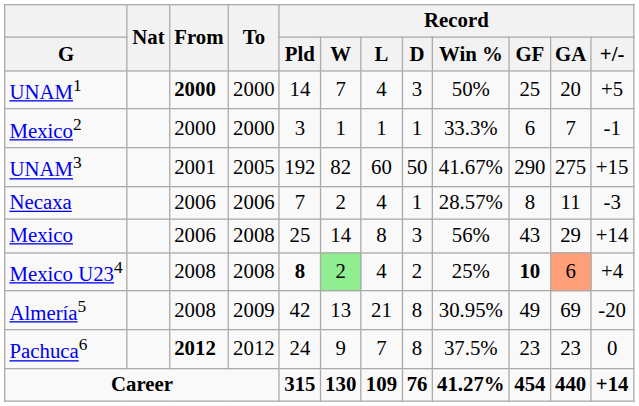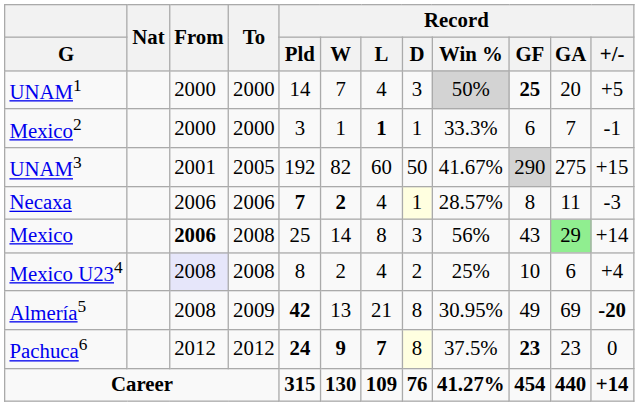 <table class="wikitable" style="text-align: center">
 <tr>
 <th></th>
 <th rowspan=2>Nat</th>
 <th rowspan=2>From</th>
 <th rowspan=2>To</th>
 <th colspan=8>Record</th>
 </tr>
 <tr>
 <th>G</th>
 <th>Pld</th>
 <th>W</th>
 <th>L</th>
 <th>D</th>
 <th>Win %</th>
 <th>GF</th>
 <th>GA</th>
 <th>+/-</th>
 </tr>
 <tr>
 <td align=left><a href='#'>UNAM</a><sup>1</sup></td>
 <td></td>
-<td align=left><strong>2000</strong></td>
+<td align=left>2000</td>
 <td align=left>2000</td>
 <td>14</td>
 <td>7</td>
 <td>4</td>
 <td>3</td>
-<td>50%</td>
-<td>25</td>
+<td style="background: lightgrey;">50%</td>
+<td><strong>25</strong></td>
 <td>20</td>
 <td>+5</td>
 </tr>
 <tr>
 <td align=left><a href='#'>Mexico</a><sup>2</sup></td>
 <td></td>
 <td align=left>2000</td>
 <td align=left>2000</td>
 <td>3</td>
 <td>1</td>
-<td>1</td>
+<td><strong>1</strong></td>
 <td>1</td>
 <td>33.3%</td>
 <td>6</td>
 <td>7</td>
 <td>-1</td>
 </tr>
 <tr>
 <td align=left><a href='#'>UNAM</a><sup>3</sup></td>
 <td></td>
 <td align=left>2001</td>
 <td align=left>2005</td>
 <td>192</td>
 <td>82</td>
 <td>60</td>
 <td>50</td>
 <td>41.67%</td>
-<td>290</td>
+<td style="background: lightgrey;">290</td>
 <td>275</td>
 <td>+15</td>
 </tr>
 <tr>
 <td align=left><a href='#'>Necaxa</a></td>
 <td></td>
 <td align=left>2006</td>
 <td align=left>2006</td>
-<td>7</td>
-<td>2</td>
+<td><strong>7</strong></td>
+<td><strong>2</strong></td>
 <td>4</td>
-<td>1</td>
+<td style="background: lightyellow;">1</td>
 <td>28.57%</td>
 <td>8</td>
 <td>11</td>
 <td>-3</td>
 </tr>
 <tr>
 <td align=left><a href='#'>Mexico</a></td>
 <td></td>
-<td align=left>2006</td>
+<td align=left><strong>2006</strong></td>
 <td align=left>2008</td>
 <td>25</td>
 <td>14</td>
 <td>8</td>
 <td>3</td>
 <td>56%</td>
 <td>43</td>
-<td>29</td>
+<td style="background: lightgreen;">29</td>
 <td>+14</td>
 </tr>
 <tr>
 <td align=left><a href='#'>Mexico U23</a><sup>4</sup></td>
 <td></td>
+<td align=left style="background: lavender;">2008</td>
 <td align=left>2008</td>
-<td align=left>2008</td>
-<td><strong>8</strong></td>
-<td style="background: lightgreen;">2</td>
+<td>8</td>
+<td>2</td>
 <td>4</td>
 <td>2</td>
 <td>25%</td>
-<td><strong>10</strong></td>
-<td style="background: lightsalmon;">6</td>
+<td>10</td>
+<td>6</td>
 <td>+4</td>
 </tr>
 <tr>
 <td align=left><a href='#'>Almería</a><sup>5</sup></td>
 <td></td>
 <td align=left>2008</td>
 <td align=left>2009</td>
-<td>42</td>
+<td><strong>42</strong></td>
 <td>13</td>
 <td>21</td>
 <td>8</td>
 <td>30.95%</td>
 <td>49</td>
 <td>69</td>
-<td>-20</td>
+<td><strong>-20</strong></td>
 </tr>
 <tr>
 <td align=left><a href='#'>Pachuca</a><sup>6</sup></td>
 <td></td>
-<td align=left><strong>2012</strong></td>
 <td align=left>2012</td>
-<td>24</td>
-<td>9</td>
-<td>7</td>
-<td>8</td>
+<td align=left>2012</td>
+<td><strong>24</strong></td>
+<td><strong>9</strong></td>
+<td><strong>7</strong></td>
+<td style="background: lightyellow;">8</td>
 <td>37.5%</td>
-<td>23</td>
+<td><strong>23</strong></td>
 <td>23</td>
 <td>0</td>
 </tr>
 <tr>
 <td colspan=4><strong>Career</strong></td>
 <td><strong>315</strong></td>
 <td><strong>130</strong></td>
 <td><strong>109</strong></td>
 <td><strong>76</strong></td>
 <td><strong>41.27%</strong></td>
 <td><strong>454</strong></td>
 <td><strong>440</strong></td>
 <td><strong>+14</strong></td>
 </tr>
 </table>
